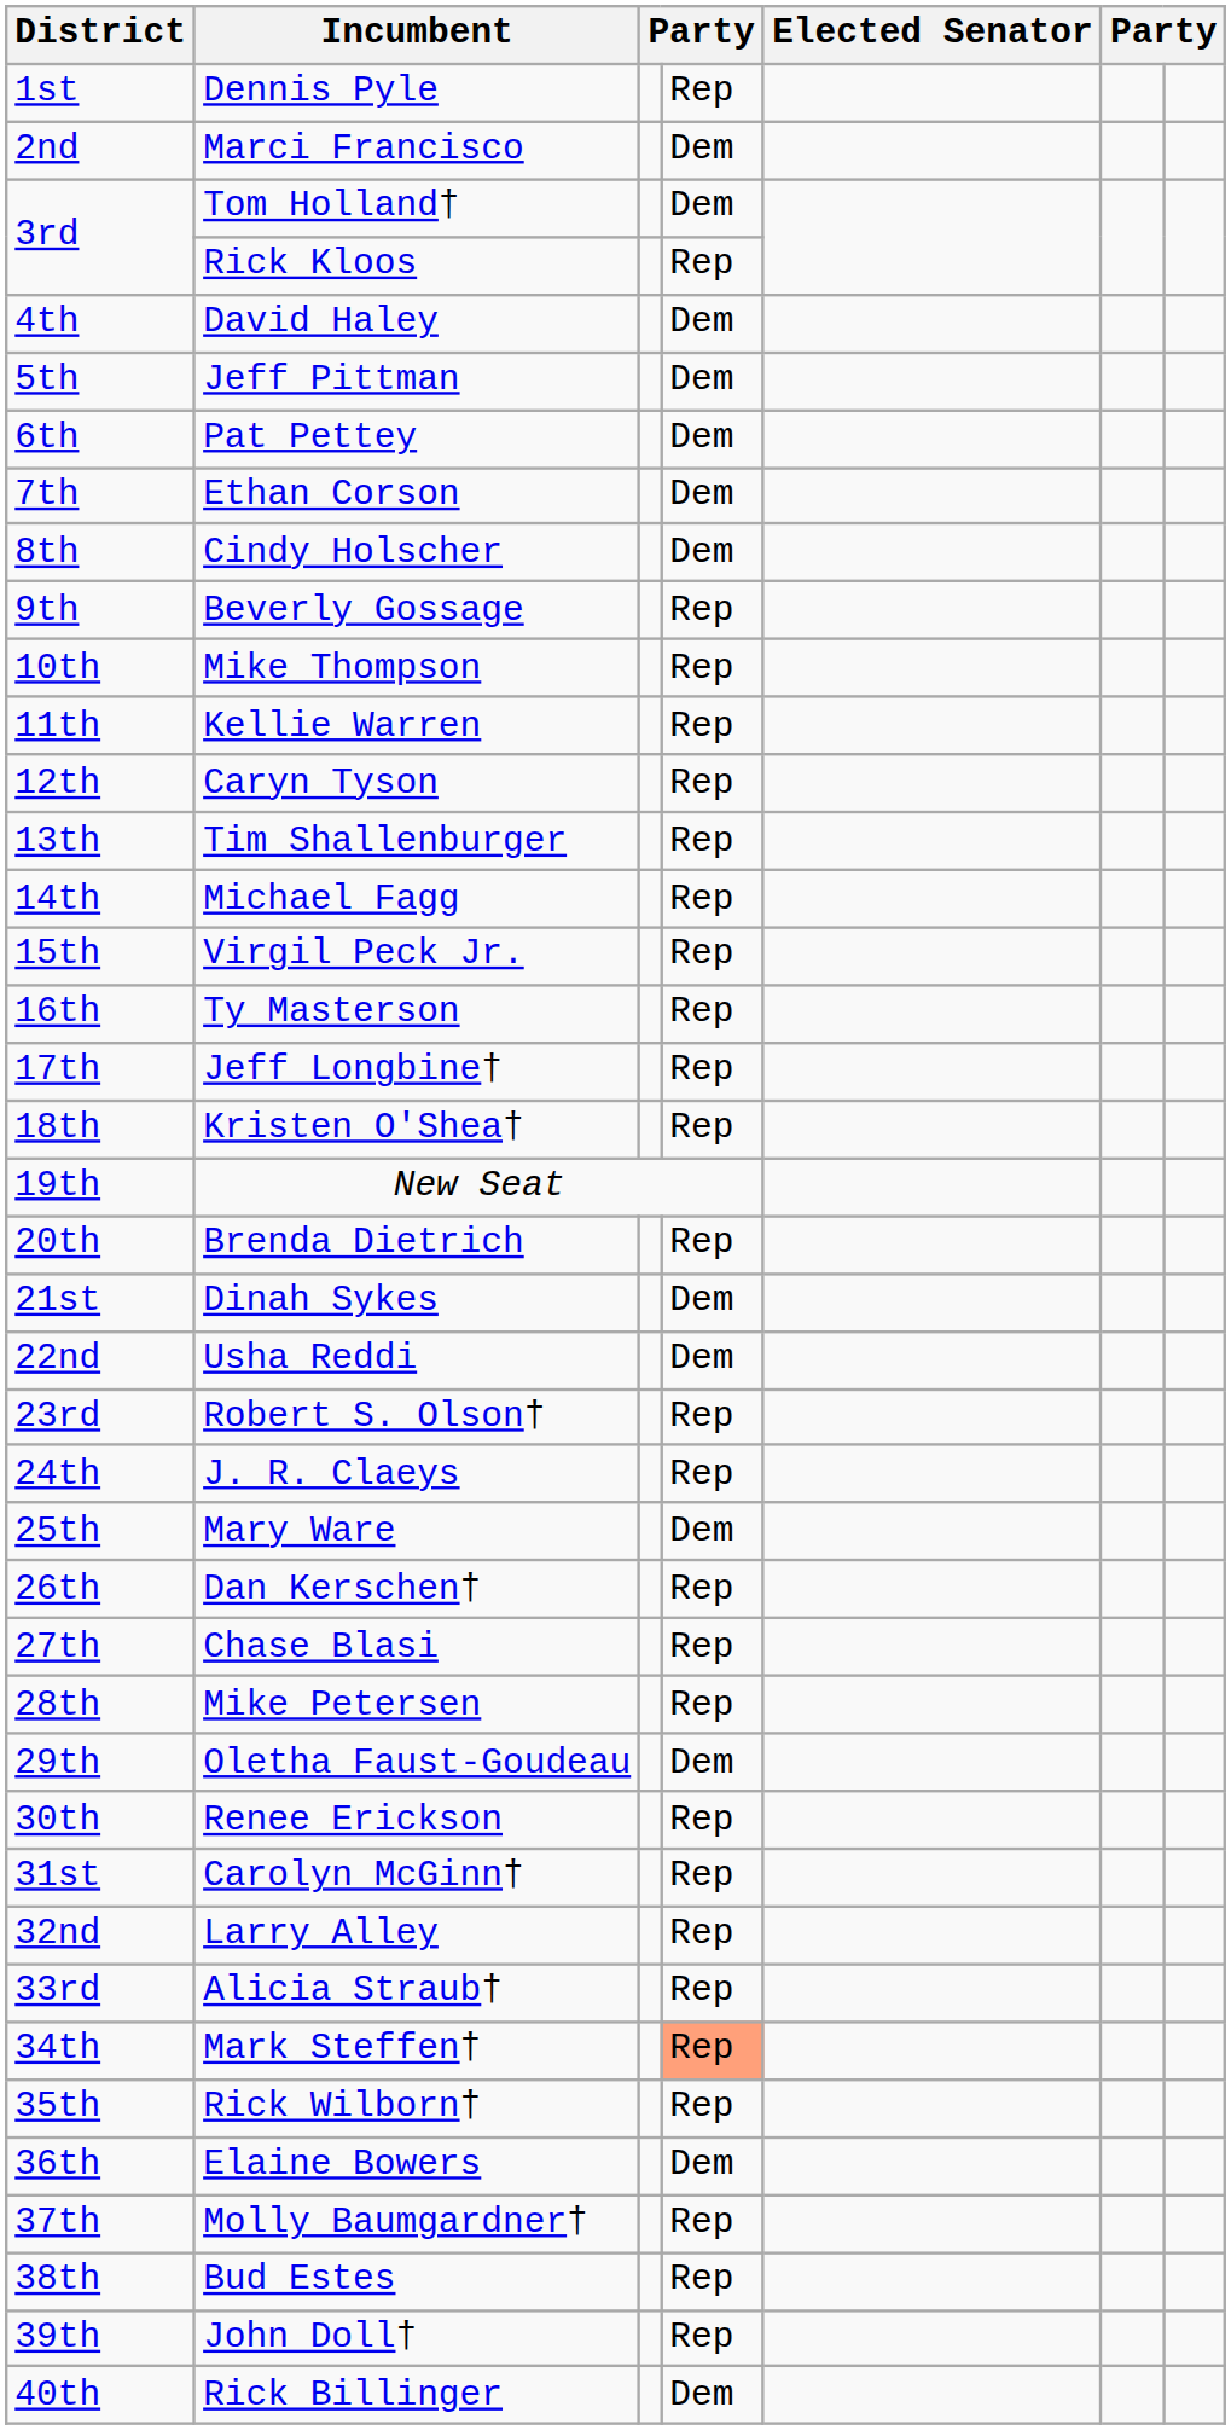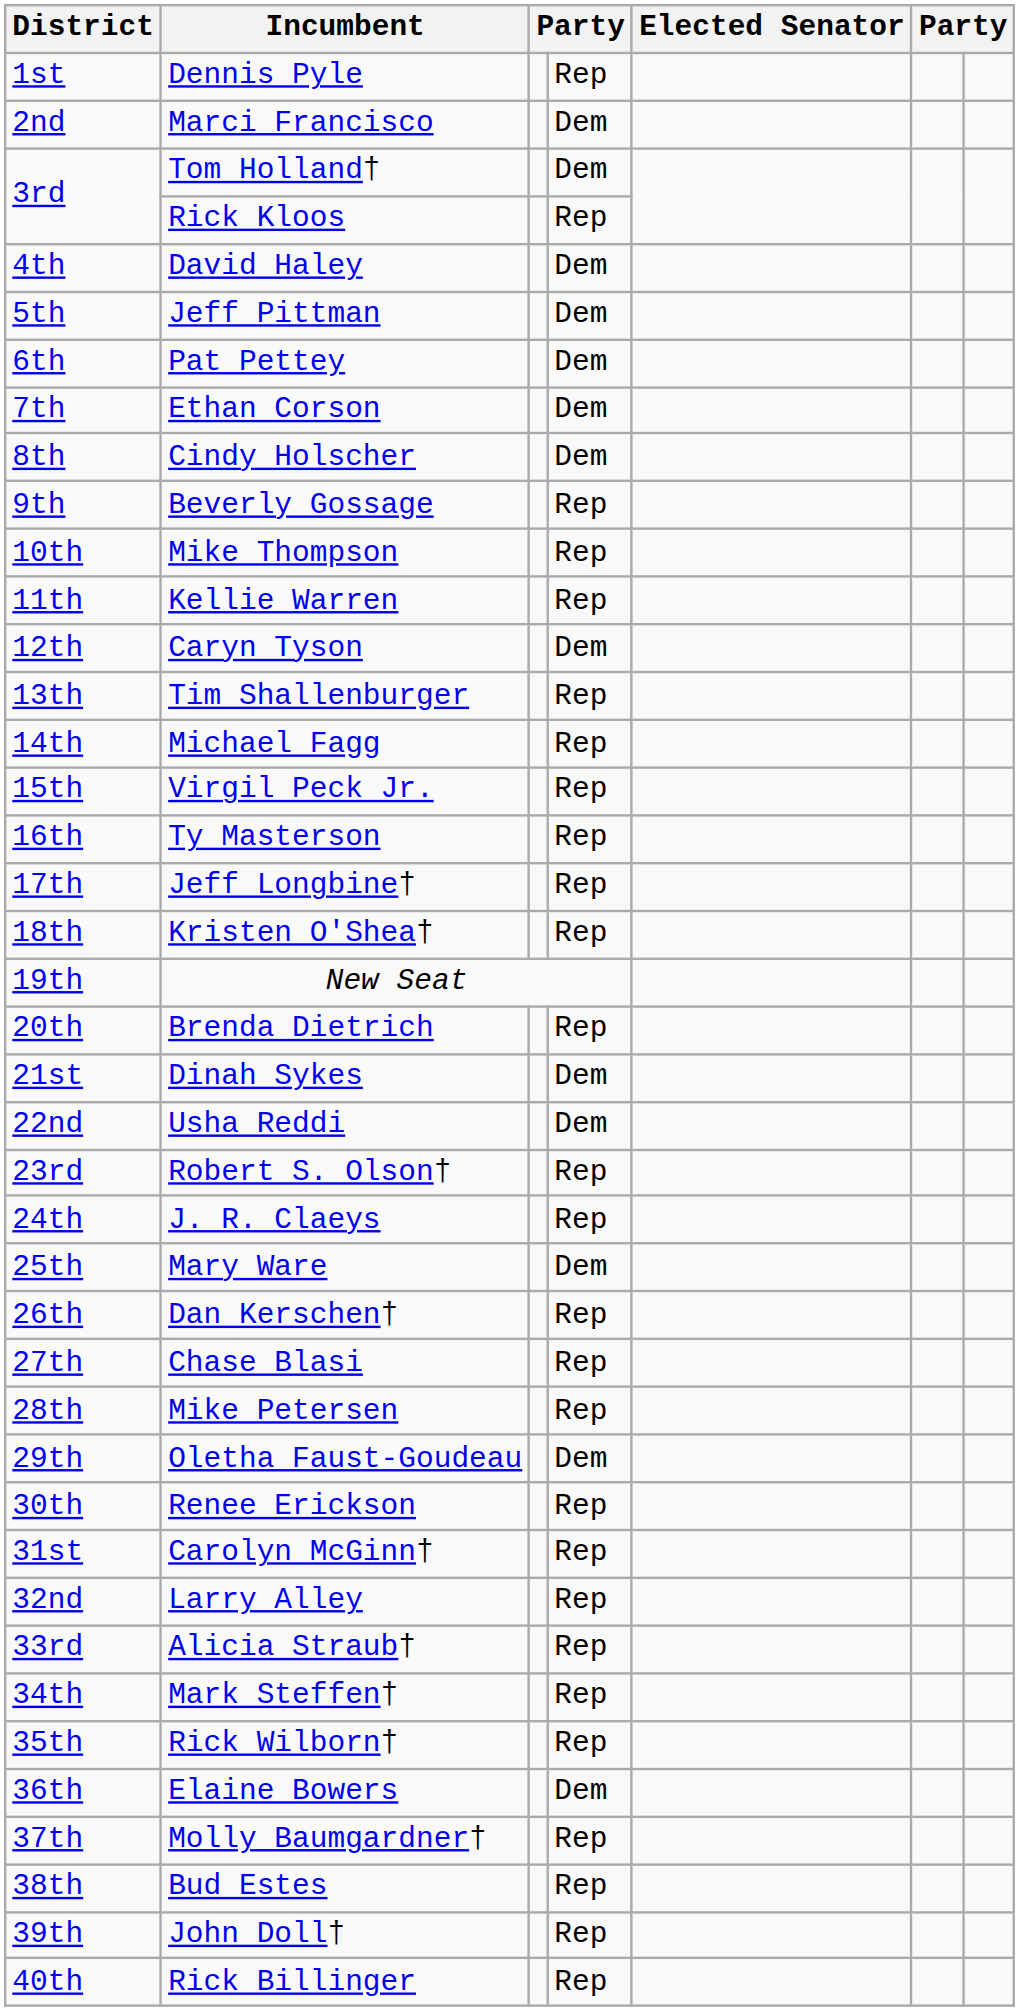 <table class="sortable wikitable" style="font-size:95%;line-height:14px;">
 <tr>
 <th colspan="1">District</th>
 <th class="unsortable">Incumbent</th>
 <th colspan="2">Party</th>
 <th class="unsortable">Elected Senator</th>
 <th colspan="2">Party</th>
 </tr>
 <tr>
 <td><a href='#'>1st</a></td>
 <td><a href='#'>Dennis Pyle</a></td>
 <td style="background:"></td>
 <td>Rep</td>
 <td></td>
 <td></td>
 <td></td>
 </tr>
 <tr>
 <td><a href='#'>2nd</a></td>
 <td><a href='#'>Marci Francisco</a></td>
 <td style="background:"></td>
 <td>Dem</td>
 <td></td>
 <td></td>
 <td></td>
 </tr>
 <tr>
 <td rowspan=2><a href='#'>3rd</a></td>
 <td><a href='#'>Tom Holland</a>†</td>
 <td style="background:"></td>
 <td>Dem</td>
 <td rowspan=2></td>
 <td rowspan=2></td>
 <td rowspan=2></td>
 </tr>
 <tr>
 <td><a href='#'>Rick Kloos</a></td>
 <td style="background:"></td>
 <td>Rep</td>
 </tr>
 <tr>
 <td><a href='#'>4th</a></td>
 <td><a href='#'>David Haley</a></td>
 <td style="background:"></td>
 <td>Dem</td>
 <td></td>
 <td></td>
 <td></td>
 </tr>
 <tr>
 <td><a href='#'>5th</a></td>
 <td><a href='#'>Jeff Pittman</a></td>
 <td style="background:"></td>
 <td>Dem</td>
 <td></td>
 <td></td>
 <td></td>
 </tr>
 <tr>
 <td><a href='#'>6th</a></td>
 <td><a href='#'>Pat Pettey</a></td>
 <td style="background:"></td>
 <td>Dem</td>
 <td></td>
 <td></td>
 <td></td>
 </tr>
 <tr>
 <td><a href='#'>7th</a></td>
 <td><a href='#'>Ethan Corson</a></td>
 <td style="background:"></td>
 <td>Dem</td>
 <td></td>
 <td></td>
 <td></td>
 </tr>
 <tr>
 <td><a href='#'>8th</a></td>
 <td><a href='#'>Cindy Holscher</a></td>
 <td style="background:"></td>
 <td>Dem</td>
 <td></td>
 <td></td>
 <td></td>
 </tr>
 <tr>
 <td><a href='#'>9th</a></td>
 <td><a href='#'>Beverly Gossage</a></td>
 <td style="background:"></td>
 <td>Rep</td>
 <td></td>
 <td></td>
 <td></td>
 </tr>
 <tr>
 <td><a href='#'>10th</a></td>
 <td><a href='#'>Mike Thompson</a></td>
 <td style="background:"></td>
 <td>Rep</td>
 <td></td>
 <td></td>
 <td></td>
 </tr>
 <tr>
 <td><a href='#'>11th</a></td>
 <td><a href='#'>Kellie Warren</a></td>
 <td style="background:"></td>
 <td>Rep</td>
 <td></td>
 <td></td>
 <td></td>
 </tr>
 <tr>
 <td><a href='#'>12th</a></td>
 <td><a href='#'>Caryn Tyson</a></td>
 <td style="background:"></td>
-<td>Rep</td>
+<td>Dem</td>
 <td></td>
 <td></td>
 <td></td>
 </tr>
 <tr>
 <td><a href='#'>13th</a></td>
 <td><a href='#'>Tim Shallenburger</a></td>
 <td style="background:"></td>
 <td>Rep</td>
 <td></td>
 <td></td>
 <td></td>
 </tr>
 <tr>
 <td><a href='#'>14th</a></td>
 <td><a href='#'>Michael Fagg</a></td>
 <td style="background:"></td>
 <td>Rep</td>
 <td></td>
 <td></td>
 <td></td>
 </tr>
 <tr>
 <td><a href='#'>15th</a></td>
 <td><a href='#'>Virgil Peck Jr.</a></td>
 <td style="background:"></td>
 <td>Rep</td>
 <td></td>
 <td></td>
 <td></td>
 </tr>
 <tr>
 <td><a href='#'>16th</a></td>
 <td><a href='#'>Ty Masterson</a></td>
 <td style="background:"></td>
 <td>Rep</td>
 <td></td>
 <td></td>
 <td></td>
 </tr>
 <tr>
 <td><a href='#'>17th</a></td>
 <td><a href='#'>Jeff Longbine</a>†</td>
 <td style="background:"></td>
 <td>Rep</td>
 <td></td>
 <td></td>
 <td></td>
 </tr>
 <tr>
 <td><a href='#'>18th</a></td>
 <td><a href='#'>Kristen O'Shea</a>†</td>
 <td style="background:"></td>
 <td>Rep</td>
 <td></td>
 <td></td>
 <td></td>
 </tr>
 <tr>
 <td><a href='#'>19th</a></td>
 <td colspan=3 align=center><em>New Seat</em></td>
 <td></td>
 <td></td>
 <td></td>
 </tr>
 <tr>
 <td><a href='#'>20th</a></td>
 <td><a href='#'>Brenda Dietrich</a></td>
 <td style="background:"></td>
 <td>Rep</td>
 <td></td>
 <td></td>
 <td></td>
 </tr>
 <tr>
 <td><a href='#'>21st</a></td>
 <td><a href='#'>Dinah Sykes</a></td>
 <td style="background:"></td>
 <td>Dem</td>
 <td></td>
 <td></td>
 <td></td>
 </tr>
 <tr>
 <td><a href='#'>22nd</a></td>
 <td><a href='#'>Usha Reddi</a></td>
 <td style="background:"></td>
 <td>Dem</td>
 <td></td>
 <td></td>
 <td></td>
 </tr>
 <tr>
 <td><a href='#'>23rd</a></td>
 <td><a href='#'>Robert S. Olson</a>†</td>
 <td style="background:"></td>
 <td>Rep</td>
 <td></td>
 <td></td>
 <td></td>
 </tr>
 <tr>
 <td><a href='#'>24th</a></td>
 <td><a href='#'>J. R. Claeys</a></td>
 <td style="background:"></td>
 <td>Rep</td>
 <td></td>
 <td></td>
 <td></td>
 </tr>
 <tr>
 <td><a href='#'>25th</a></td>
 <td><a href='#'>Mary Ware</a></td>
 <td style="background:"></td>
 <td>Dem</td>
 <td></td>
 <td></td>
 <td></td>
 </tr>
 <tr>
 <td><a href='#'>26th</a></td>
 <td><a href='#'>Dan Kerschen</a>†</td>
 <td style="background:"></td>
 <td>Rep</td>
 <td></td>
 <td></td>
 <td></td>
 </tr>
 <tr>
 <td><a href='#'>27th</a></td>
 <td><a href='#'>Chase Blasi</a></td>
 <td style="background:"></td>
 <td>Rep</td>
 <td></td>
 <td></td>
 <td></td>
 </tr>
 <tr>
 <td><a href='#'>28th</a></td>
 <td><a href='#'>Mike Petersen</a></td>
 <td style="background:"></td>
 <td>Rep</td>
 <td></td>
 <td></td>
 <td></td>
 </tr>
 <tr>
 <td><a href='#'>29th</a></td>
 <td><a href='#'>Oletha Faust-Goudeau</a></td>
 <td style="background:"></td>
 <td>Dem</td>
 <td></td>
 <td></td>
 <td></td>
 </tr>
 <tr>
 <td><a href='#'>30th</a></td>
 <td><a href='#'>Renee Erickson</a></td>
 <td style="background:"></td>
 <td>Rep</td>
 <td></td>
 <td></td>
 <td></td>
 </tr>
 <tr>
 <td><a href='#'>31st</a></td>
 <td><a href='#'>Carolyn McGinn</a>†</td>
 <td style="background:"></td>
 <td>Rep</td>
 <td></td>
 <td></td>
 <td></td>
 </tr>
 <tr>
 <td><a href='#'>32nd</a></td>
 <td><a href='#'>Larry Alley</a></td>
 <td style="background:"></td>
 <td>Rep</td>
 <td></td>
 <td></td>
 <td></td>
 </tr>
 <tr>
 <td><a href='#'>33rd</a></td>
 <td><a href='#'>Alicia Straub</a>†</td>
 <td style="background:"></td>
 <td>Rep</td>
 <td></td>
 <td></td>
 <td></td>
 </tr>
 <tr>
 <td><a href='#'>34th</a></td>
 <td><a href='#'>Mark Steffen</a>†</td>
 <td style="background:"></td>
-<td style="background: lightsalmon;">Rep</td>
+<td>Rep</td>
 <td></td>
 <td></td>
 <td></td>
 </tr>
 <tr>
 <td><a href='#'>35th</a></td>
 <td><a href='#'>Rick Wilborn</a>†</td>
 <td style="background:"></td>
 <td>Rep</td>
 <td></td>
 <td></td>
 <td></td>
 </tr>
 <tr>
 <td><a href='#'>36th</a></td>
 <td><a href='#'>Elaine Bowers</a></td>
 <td style="background:"></td>
 <td>Dem</td>
 <td></td>
 <td></td>
 <td></td>
 </tr>
 <tr>
 <td><a href='#'>37th</a></td>
 <td><a href='#'>Molly Baumgardner</a>†</td>
 <td style="background:"></td>
 <td>Rep</td>
 <td></td>
 <td></td>
 <td></td>
 </tr>
 <tr>
 <td><a href='#'>38th</a></td>
 <td><a href='#'>Bud Estes</a></td>
 <td style="background:"></td>
 <td>Rep</td>
 <td></td>
 <td></td>
 <td></td>
 </tr>
 <tr>
 <td><a href='#'>39th</a></td>
 <td><a href='#'>John Doll</a>†</td>
 <td style="background:"></td>
 <td>Rep</td>
 <td></td>
 <td></td>
 <td></td>
 </tr>
 <tr>
 <td><a href='#'>40th</a></td>
 <td><a href='#'>Rick Billinger</a></td>
 <td style="background:"></td>
-<td>Dem</td>
+<td>Rep</td>
 <td></td>
 <td></td>
 <td></td>
 </tr>
 </table>
